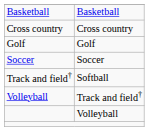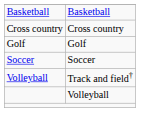 <table class="wikitable">
 <tr>
 </tr>
 <tr>
 <td><a href='#'>Basketball</a></td>
 <td><a href='#'>Basketball</a></td>
 </tr>
 <tr>
 <td>Cross country</td>
 <td>Cross country</td>
 </tr>
 <tr>
 <td>Golf</td>
 <td>Golf</td>
 </tr>
 <tr>
 <td><a href='#'>Soccer</a></td>
 <td>Soccer</td>
 </tr>
 <tr>
-<td>Track and field<sup>†</sup></td>
-<td>Softball</td>
-</tr>
-<tr>
 <td><a href='#'>Volleyball</a></td>
 <td>Track and field<sup>†</sup></td>
 </tr>
 <tr>
 <td></td>
 <td>Volleyball</td>
 </tr>
 <tr>
 <td colspan="2"></td>
 </tr>
 </table>
